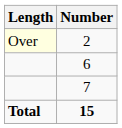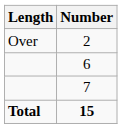 <table class="wikitable" style="float:left;">
 <tr>
 <th>Length</th>
 <th>Number</th>
 </tr>
 <tr>
-<td style="background: lightyellow;">Over </td>
+<td>Over </td>
 <td style="text-align: center;">2</td>
 </tr>
 <tr>
 <td></td>
 <td style="text-align: center;">6</td>
 </tr>
 <tr>
 <td></td>
 <td style="text-align: center;">7</td>
 </tr>
 <tr>
 <td><strong>Total</strong></td>
 <td style="text-align: center;"><strong>15</strong></td>
 </tr>
 </table>
